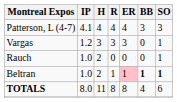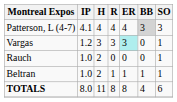 <table class="wikitable sortable">
 <tr>
 <th>Montreal Expos</th>
 <th>IP</th>
 <th>H</th>
 <th>R</th>
 <th>ER</th>
 <th>BB</th>
 <th>SO</th>
 </tr>
 <tr>
 <td>Patterson, L (4-7)</td>
 <td>4.1</td>
 <td>4</td>
 <td>4</td>
 <td>4</td>
-<td>3</td>
+<td style="background: lightgrey;">3</td>
 <td>3</td>
 </tr>
 <tr>
 <td>Vargas</td>
 <td>1.2</td>
 <td>3</td>
 <td>3</td>
-<td>3</td>
+<td style="background: paleturquoise;">3</td>
 <td>0</td>
 <td>1</td>
 </tr>
 <tr>
 <td>Rauch</td>
 <td>1.0</td>
 <td>2</td>
 <td>0</td>
 <td>0</td>
 <td>0</td>
 <td>1</td>
 </tr>
 <tr>
 <td>Beltran</td>
 <td>1.0</td>
 <td>2</td>
 <td>1</td>
-<td style="background: pink;">1</td>
-<td><strong>1</strong></td>
-<td><strong>1</strong></td>
+<td>1</td>
+<td>1</td>
+<td>1</td>
 </tr>
 <tr>
 <td><strong>TOTALS</strong></td>
 <td>8.0</td>
 <td>11</td>
 <td>8</td>
 <td>8</td>
 <td>4</td>
 <td>6</td>
 </tr>
 <tr>
 </tr>
 </table>
